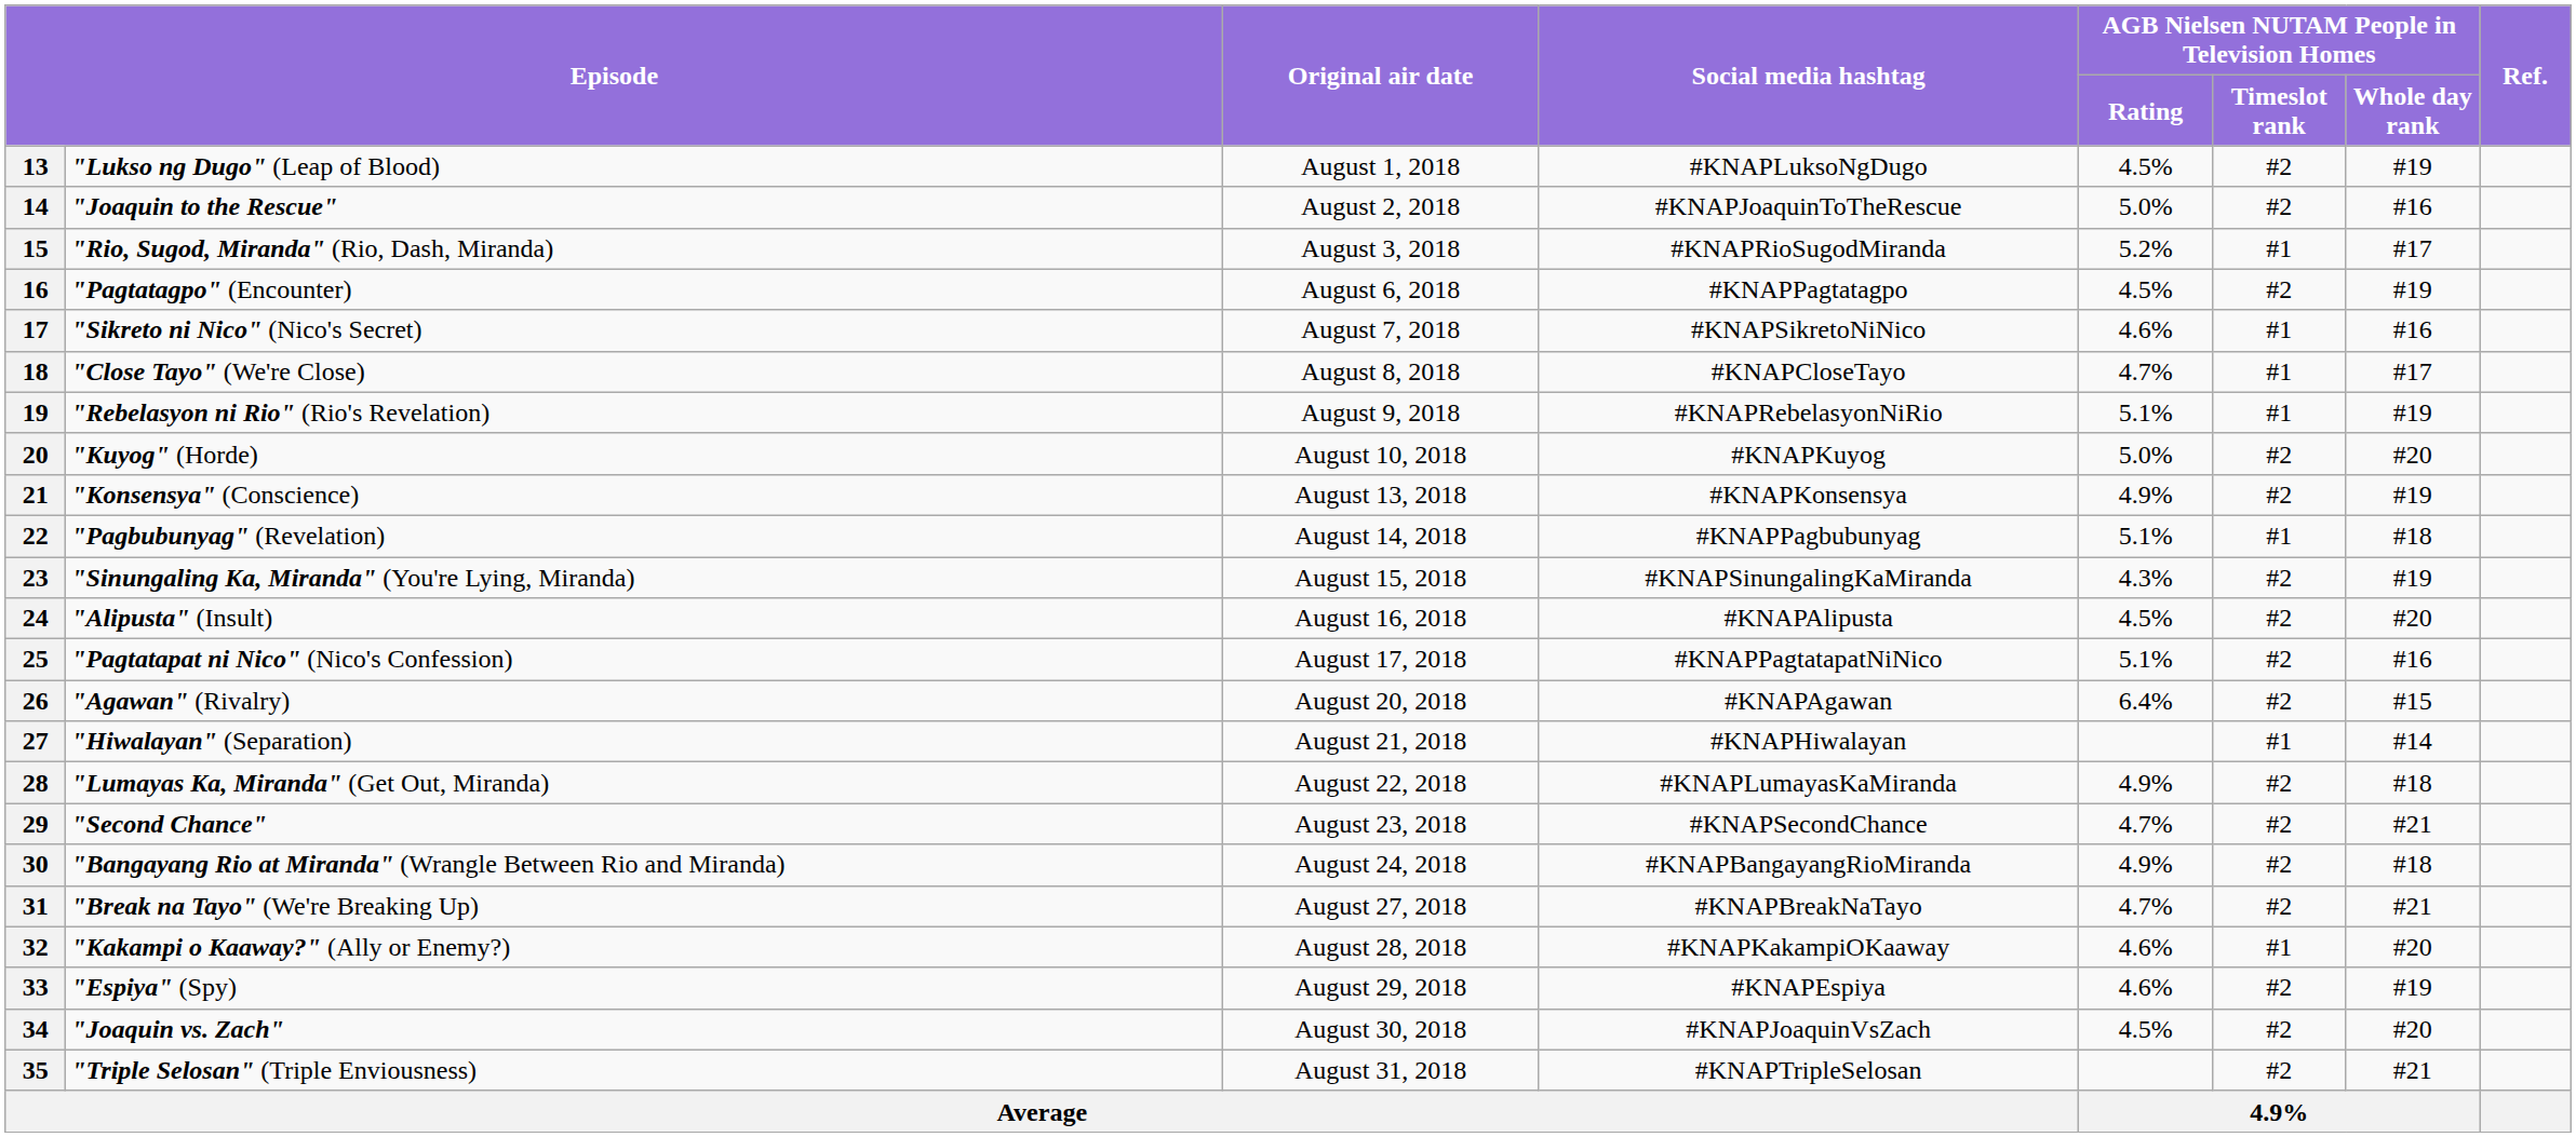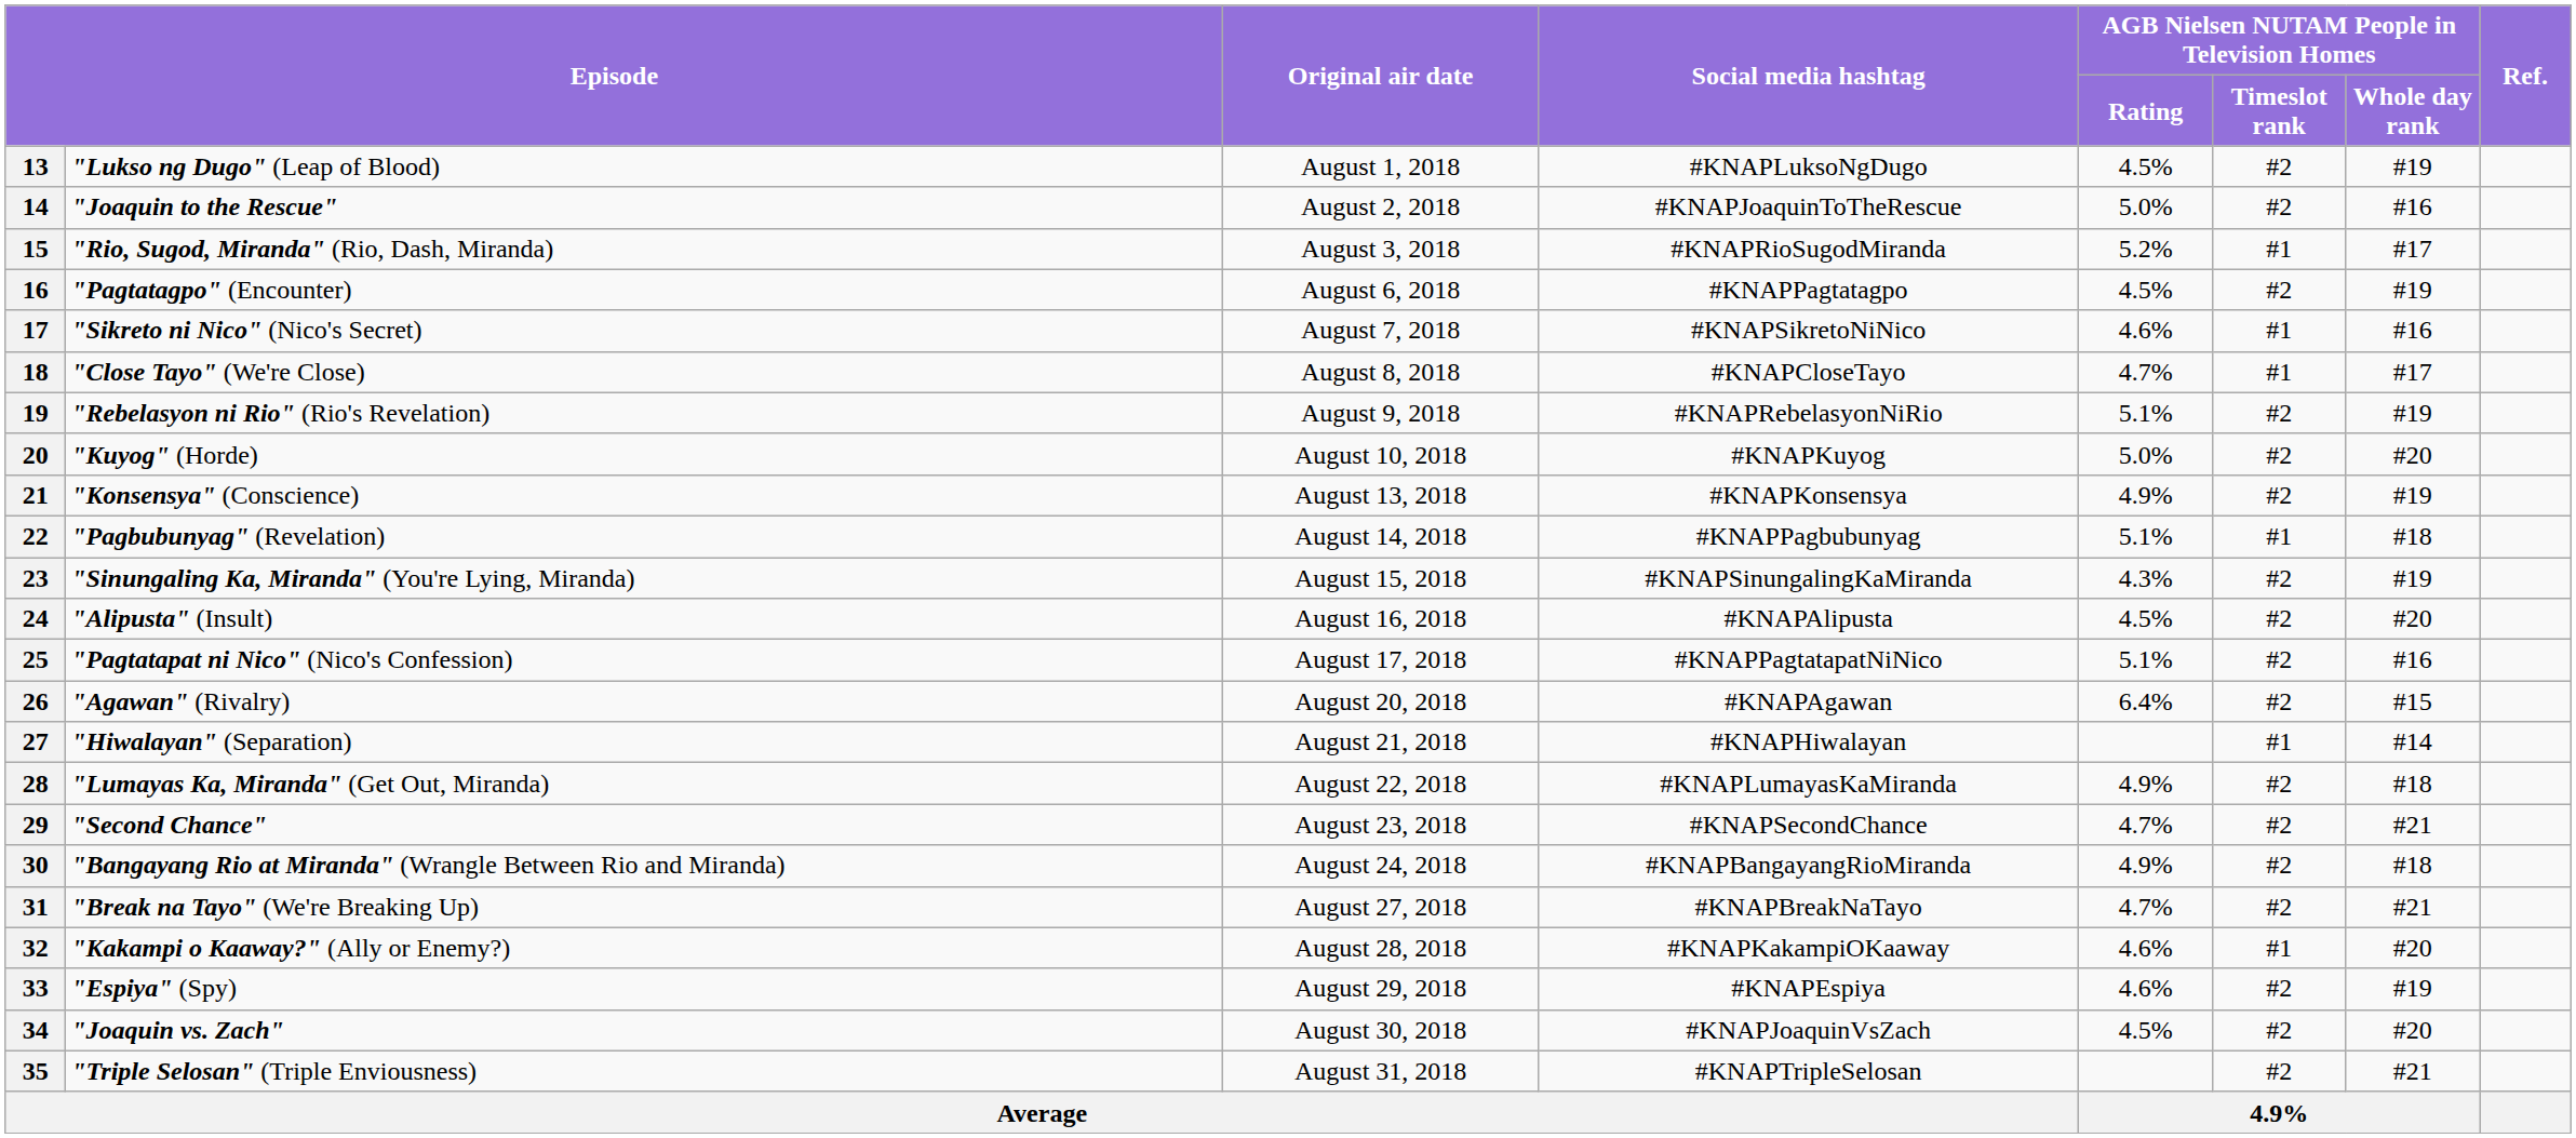 <table class="wikitable" style="text-align:center; font-size:100%; line-height:18px;" width="100%">
 <tr>
 <th style="background-color:#9370DB; color:#ffffff;" colspan="2" rowspan="2">Episode</th>
 <th style="background-color:#9370DB; color:white" rowspan="2">Original air date</th>
 <th style="background-color:#9370DB; color:white" rowspan="2">Social media hashtag</th>
 <th style="background-color:#9370DB; color:#ffffff;" colspan="3">AGB Nielsen NUTAM People in Television Homes</th>
 <th style="background-color:#9370DB;  color:#ffffff;" rowspan="2">Ref.</th>
 </tr>
 <tr>
 <th style="background-color:#9370DB; width:75px; color:#ffffff;">Rating</th>
 <th style="background-color:#9370DB;  width:75px; color:#ffffff;">Timeslot<br>rank</th>
 <th style="background-color:#9370DB; width:75px; color:#ffffff;">Whole day<br>rank</th>
 </tr>
 <tr>
 <th>13</th>
 <td style="text-align: left;"><strong><em>"Lukso ng Dugo"</em></strong> (Leap of Blood)</td>
 <td>August 1, 2018</td>
 <td>#KNAPLuksoNgDugo</td>
 <td>4.5%</td>
 <td>#2</td>
 <td>#19</td>
 <td></td>
 </tr>
 <tr>
 <th>14</th>
 <td style="text-align: left;"><strong><em>"Joaquin to the Rescue"</em></strong></td>
 <td>August 2, 2018</td>
 <td>#KNAPJoaquinToTheRescue</td>
 <td>5.0%</td>
 <td>#2</td>
 <td>#16</td>
 <td></td>
 </tr>
 <tr>
 <th>15</th>
 <td style="text-align: left;"><strong><em>"Rio, Sugod, Miranda"</em></strong> (Rio, Dash, Miranda)</td>
 <td>August 3, 2018</td>
 <td>#KNAPRioSugodMiranda</td>
 <td>5.2%</td>
 <td>#1</td>
 <td>#17</td>
 <td></td>
 </tr>
 <tr>
 <th>16</th>
 <td style="text-align: left;"><strong><em>"Pagtatagpo"</em></strong> (Encounter)</td>
 <td>August 6, 2018</td>
 <td>#KNAPPagtatagpo</td>
 <td>4.5%</td>
 <td>#2</td>
 <td>#19</td>
 <td></td>
 </tr>
 <tr>
 <th>17</th>
 <td style="text-align: left;"><strong><em>"Sikreto ni Nico"</em></strong> (Nico's Secret)</td>
 <td>August 7, 2018</td>
 <td>#KNAPSikretoNiNico</td>
 <td>4.6%</td>
 <td>#1</td>
 <td>#16</td>
 <td></td>
 </tr>
 <tr>
 <th>18</th>
 <td style="text-align: left;"><strong><em>"Close Tayo"</em></strong> (We're Close)</td>
 <td>August 8, 2018</td>
 <td>#KNAPCloseTayo</td>
 <td>4.7%</td>
 <td>#1</td>
 <td>#17</td>
 <td></td>
 </tr>
 <tr>
 <th>19</th>
 <td style="text-align: left;"><strong><em>"Rebelasyon ni Rio"</em></strong> (Rio's Revelation)</td>
 <td>August 9, 2018</td>
 <td>#KNAPRebelasyonNiRio</td>
 <td>5.1%</td>
-<td>#1</td>
+<td>#2</td>
 <td>#19</td>
 <td></td>
 </tr>
 <tr>
 <th>20</th>
 <td style="text-align: left;"><strong><em>"Kuyog"</em></strong> (Horde)</td>
 <td>August 10, 2018</td>
 <td>#KNAPKuyog</td>
 <td>5.0%</td>
 <td>#2</td>
 <td>#20</td>
 <td></td>
 </tr>
 <tr>
 <th>21</th>
 <td style="text-align: left;"><strong><em>"Konsensya"</em></strong> (Conscience)</td>
 <td>August 13, 2018</td>
 <td>#KNAPKonsensya</td>
 <td>4.9%</td>
 <td>#2</td>
 <td>#19</td>
 <td></td>
 </tr>
 <tr>
 <th>22</th>
 <td style="text-align: left;"><strong><em>"Pagbubunyag"</em></strong> (Revelation)</td>
 <td>August 14, 2018</td>
 <td>#KNAPPagbubunyag</td>
 <td>5.1%</td>
 <td>#1</td>
 <td>#18</td>
 <td></td>
 </tr>
 <tr>
 <th>23</th>
 <td style="text-align: left;"><strong><em>"Sinungaling Ka, Miranda"</em></strong> (You're Lying, Miranda)</td>
 <td>August 15, 2018</td>
 <td>#KNAPSinungalingKaMiranda</td>
 <td>4.3%</td>
 <td>#2</td>
 <td>#19</td>
 <td></td>
 </tr>
 <tr>
 <th>24</th>
 <td style="text-align: left;"><strong><em>"Alipusta"</em></strong> (Insult)</td>
 <td>August 16, 2018</td>
 <td>#KNAPAlipusta</td>
 <td>4.5%</td>
 <td>#2</td>
 <td>#20</td>
 <td></td>
 </tr>
 <tr>
 <th>25</th>
 <td style="text-align: left;"><strong><em>"Pagtatapat ni Nico"</em></strong> (Nico's Confession)</td>
 <td>August 17, 2018</td>
 <td>#KNAPPagtatapatNiNico</td>
 <td>5.1%</td>
 <td>#2</td>
 <td>#16</td>
 <td></td>
 </tr>
 <tr>
 <th>26</th>
 <td style="text-align: left;"><strong><em>"Agawan"</em></strong> (Rivalry)</td>
 <td>August 20, 2018</td>
 <td>#KNAPAgawan</td>
 <td>6.4%</td>
 <td>#2</td>
 <td>#15</td>
 <td></td>
 </tr>
 <tr>
 <th>27</th>
 <td style="text-align: left;"><strong><em>"Hiwalayan"</em></strong> (Separation)</td>
 <td>August 21, 2018</td>
 <td>#KNAPHiwalayan</td>
 <td></td>
 <td>#1</td>
 <td>#14</td>
 <td></td>
 </tr>
 <tr>
 <th>28</th>
 <td style="text-align: left;"><strong><em>"Lumayas Ka, Miranda"</em></strong> (Get Out, Miranda)</td>
 <td>August 22, 2018</td>
 <td>#KNAPLumayasKaMiranda</td>
 <td>4.9%</td>
 <td>#2</td>
 <td>#18</td>
 <td></td>
 </tr>
 <tr>
 <th>29</th>
 <td style="text-align: left;"><strong><em>"Second Chance"</em></strong></td>
 <td>August 23, 2018</td>
 <td>#KNAPSecondChance</td>
 <td>4.7%</td>
 <td>#2</td>
 <td>#21</td>
 <td></td>
 </tr>
 <tr>
 <th>30</th>
 <td style="text-align: left;"><strong><em>"Bangayang Rio at Miranda"</em></strong> (Wrangle Between Rio and Miranda)</td>
 <td>August 24, 2018</td>
 <td>#KNAPBangayangRioMiranda</td>
 <td>4.9%</td>
 <td>#2</td>
 <td>#18</td>
 <td></td>
 </tr>
 <tr>
 <th>31</th>
 <td style="text-align: left;"><strong><em>"Break na Tayo"</em></strong> (We're Breaking Up)</td>
 <td>August 27, 2018</td>
 <td>#KNAPBreakNaTayo</td>
 <td>4.7%</td>
 <td>#2</td>
 <td>#21</td>
 <td></td>
 </tr>
 <tr>
 <th>32</th>
 <td style="text-align: left;"><strong><em>"Kakampi o Kaaway?"</em></strong> (Ally or Enemy?)</td>
 <td>August 28, 2018</td>
 <td>#KNAPKakampiOKaaway</td>
 <td>4.6%</td>
 <td>#1</td>
 <td>#20</td>
 <td></td>
 </tr>
 <tr>
 <th>33</th>
 <td style="text-align: left;"><strong><em>"Espiya"</em></strong> (Spy)</td>
 <td>August 29, 2018</td>
 <td>#KNAPEspiya</td>
 <td>4.6%</td>
 <td>#2</td>
 <td>#19</td>
 <td></td>
 </tr>
 <tr>
 <th>34</th>
 <td style="text-align: left;"><strong><em>"Joaquin vs. Zach"</em></strong></td>
 <td>August 30, 2018</td>
 <td>#KNAPJoaquinVsZach</td>
 <td>4.5%</td>
 <td>#2</td>
 <td>#20</td>
 <td></td>
 </tr>
 <tr>
 <th>35</th>
 <td style="text-align: left;"><strong><em>"Triple Selosan"</em></strong> (Triple Enviousness)</td>
 <td>August 31, 2018</td>
 <td>#KNAPTripleSelosan</td>
 <td></td>
 <td>#2</td>
 <td>#21</td>
 <td></td>
 </tr>
 <tr>
 <th colspan="4">Average</th>
 <th colspan="3">4.9%</th>
 <th></th>
 </tr>
 <tr>
 </tr>
 </table>
